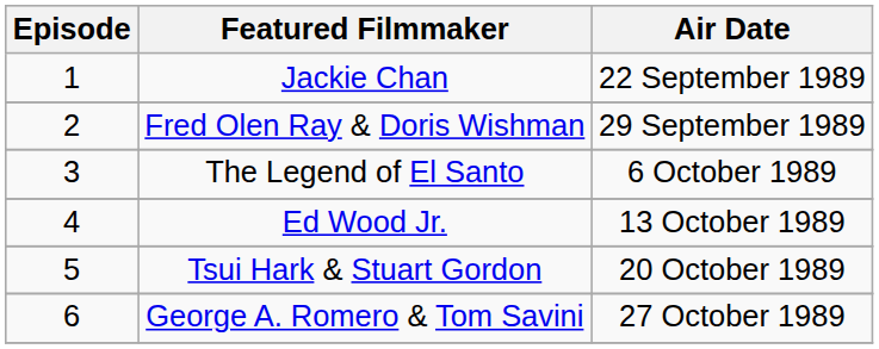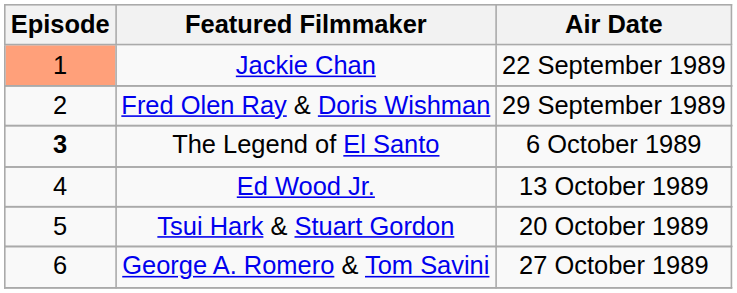 <table class="wikitable" border="1">
 <tr>
 <th>Episode</th>
 <th>Featured Filmmaker</th>
 <th>Air Date</th>
 </tr>
 <tr style="text-align:center;">
-<td>1</td>
+<td style="background: lightsalmon;">1</td>
 <td><a href='#'>Jackie Chan</a></td>
 <td colspan="2">22 September 1989</td>
 </tr>
 <tr>
 </tr>
 <tr style="text-align:center;">
 <td>2</td>
 <td><a href='#'>Fred Olen Ray</a> & <a href='#'>Doris Wishman</a></td>
 <td colspan="2">29 September 1989</td>
 </tr>
 <tr>
 </tr>
 <tr style="text-align:center;">
-<td>3</td>
+<td><strong>3</strong></td>
 <td>The Legend of <a href='#'>El Santo</a></td>
 <td colspan="2">6 October 1989</td>
 </tr>
 <tr>
 </tr>
 <tr style="text-align:center;">
 <td>4</td>
 <td><a href='#'>Ed Wood Jr.</a></td>
 <td colspan="2">13 October 1989</td>
 </tr>
 <tr>
 </tr>
 <tr style="text-align:center;">
 <td>5</td>
 <td><a href='#'>Tsui Hark</a> & <a href='#'>Stuart Gordon</a></td>
 <td colspan="2">20 October 1989</td>
 </tr>
 <tr>
 </tr>
 <tr style="text-align:center;">
 <td>6</td>
 <td><a href='#'>George A. Romero</a> & <a href='#'>Tom Savini</a></td>
 <td colspan="2">27 October 1989</td>
 </tr>
 <tr>
 </tr>
 </table>
